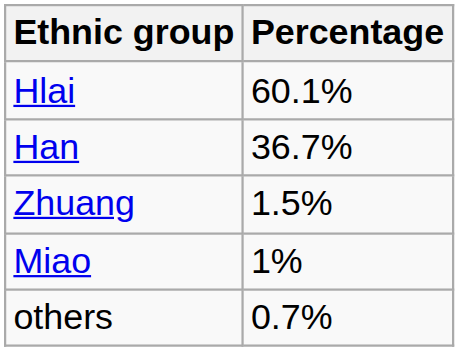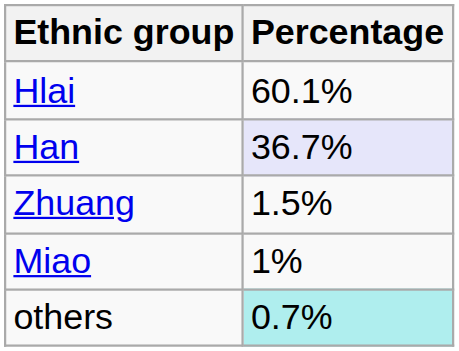 <table class="wikitable">
 <tr>
 <th>Ethnic group</th>
 <th>Percentage</th>
 </tr>
 <tr>
 <td><a href='#'>Hlai</a></td>
 <td>60.1%</td>
 </tr>
 <tr>
 <td><a href='#'>Han</a></td>
-<td>36.7%</td>
+<td style="background: lavender;">36.7%</td>
 </tr>
 <tr>
 <td><a href='#'>Zhuang</a></td>
 <td>1.5%</td>
 </tr>
 <tr>
 <td><a href='#'>Miao</a></td>
 <td>1%</td>
 </tr>
 <tr>
 <td>others</td>
-<td>0.7%</td>
+<td style="background: paleturquoise;">0.7%</td>
 </tr>
 </table>
